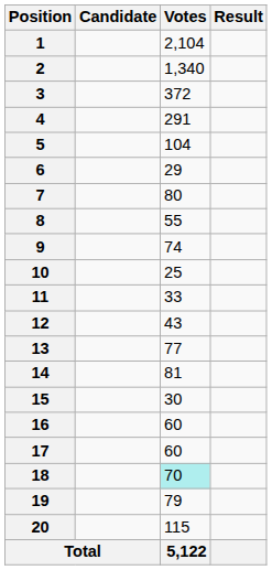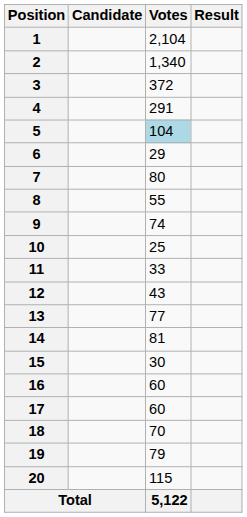 <table class="wikitable sortable col3right">
 <tr>
 <th scope="col">Position</th>
 <th scope="col">Candidate</th>
 <th scope="col">Votes</th>
 <th scope="col">Result</th>
 </tr>
 <tr>
 <th scope="row">1</th>
 <td></td>
 <td>2,104</td>
 <td></td>
 </tr>
 <tr>
 <th scope="row">2</th>
 <td></td>
 <td>1,340</td>
 <td></td>
 </tr>
 <tr>
 <th scope="row">3</th>
 <td></td>
 <td>372</td>
 <td></td>
 </tr>
 <tr>
 <th scope="row">4</th>
 <td></td>
 <td>291</td>
 <td></td>
 </tr>
 <tr>
 <th scope="row">5</th>
 <td></td>
-<td>104</td>
+<td style="background: lightblue;">104</td>
 <td></td>
 </tr>
 <tr>
 <th scope="row">6</th>
 <td></td>
 <td>29</td>
 <td></td>
 </tr>
 <tr>
 <th scope="row">7</th>
 <td></td>
 <td>80</td>
 <td></td>
 </tr>
 <tr>
 <th scope="row">8</th>
 <td></td>
 <td>55</td>
 <td></td>
 </tr>
 <tr>
 <th scope="row">9</th>
 <td></td>
 <td>74</td>
 <td></td>
 </tr>
 <tr>
 <th scope="row">10</th>
 <td></td>
 <td>25</td>
 <td></td>
 </tr>
 <tr>
 <th scope="row">11</th>
 <td></td>
 <td>33</td>
 <td></td>
 </tr>
 <tr>
 <th scope="row">12</th>
 <td></td>
 <td>43</td>
 <td></td>
 </tr>
 <tr>
 <th scope="row">13</th>
 <td></td>
 <td>77</td>
 <td></td>
 </tr>
 <tr>
 <th scope="row">14</th>
 <td></td>
 <td>81</td>
 <td></td>
 </tr>
 <tr>
 <th scope="row">15</th>
 <td></td>
 <td>30</td>
 <td></td>
 </tr>
 <tr>
 <th scope="row">16</th>
 <td></td>
 <td>60</td>
 <td></td>
 </tr>
 <tr>
 <th scope="row">17</th>
 <td></td>
 <td>60</td>
 <td></td>
 </tr>
 <tr>
 <th scope="row">18</th>
 <td></td>
-<td style="background: paleturquoise;">70</td>
+<td>70</td>
 <td></td>
 </tr>
 <tr>
 <th scope="row">19</th>
 <td></td>
 <td>79</td>
 <td></td>
 </tr>
 <tr>
 <th scope="row">20</th>
 <td></td>
 <td>115</td>
 <td></td>
 </tr>
 <tr class=sortbottom>
 <th scope="row" colspan="2">Total</th>
 <th style="text-align:right">5,122</th>
 <th></th>
 </tr>
 </table>
